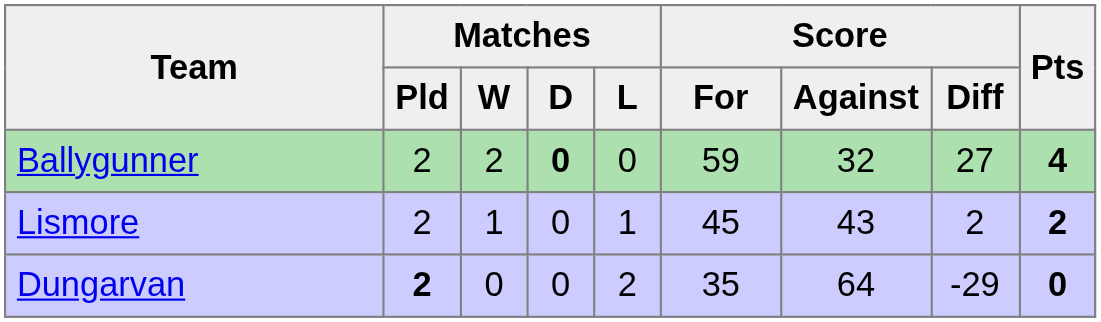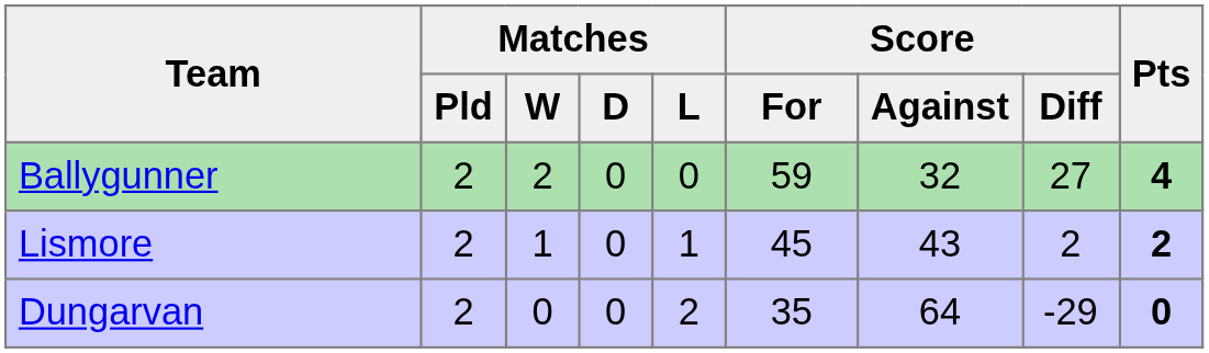 <table style=border-collapse:collapse border=1 cellspacing=0 cellpadding=5>
 <tr align=center bgcolor=#efefef>
 <th rowspan=2 width=165>Team</th>
 <th colspan=4>Matches</th>
 <th colspan=3>Score</th>
 <th rowspan=2width=20>Pts</th>
 </tr>
 <tr align=center bgcolor=#efefef>
 <th width=20>Pld</th>
 <th width=20>W</th>
 <th width=20>D</th>
 <th width=20>L</th>
 <th width=45>For</th>
 <th width=45>Against</th>
 <th width=30>Diff</th>
 </tr>
 <tr align=center  style="background:#ACE1AF;">
 <td style="text-align:left;"><a href='#'>Ballygunner</a></td>
 <td>2</td>
 <td>2</td>
-<td><strong>0</strong></td>
+<td>0</td>
 <td>0</td>
 <td>59</td>
 <td>32</td>
 <td>27</td>
 <td><strong>4</strong></td>
 </tr>
 <tr align=center style="background:#ccccff;">
 <td style="text-align:left;"><a href='#'>Lismore</a></td>
 <td>2</td>
 <td>1</td>
 <td>0</td>
 <td>1</td>
 <td>45</td>
 <td>43</td>
 <td>2</td>
 <td><strong>2</strong></td>
 </tr>
 <tr align=center  style="background:#ccccff;">
 <td style="text-align:left;"><a href='#'>Dungarvan</a></td>
-<td><strong>2</strong></td>
+<td>2</td>
 <td>0</td>
 <td>0</td>
 <td>2</td>
 <td>35</td>
 <td>64</td>
 <td>-29</td>
 <td><strong>0</strong></td>
 </tr>
 </table>
